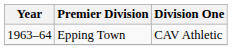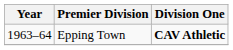 <table class="wikitable">
 <tr>
 <th>Year</th>
 <th>Premier Division</th>
 <th>Division One</th>
 </tr>
 <tr>
 <td>1963–64</td>
 <td>Epping Town</td>
-<td>CAV Athletic</td>
+<td><strong>CAV Athletic</strong></td>
 </tr>
 <tr>
 </tr>
 </table>
